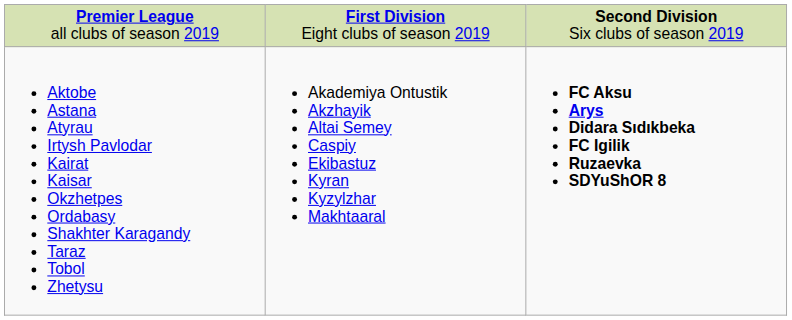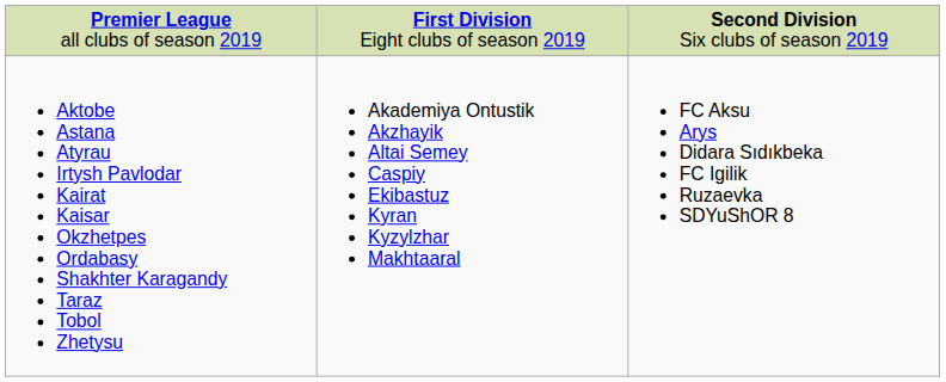 <table class="wikitable">
 <tr valign="top" bgcolor="#D6E2B3">
 <td align="center" width="25%"><strong><a href='#'>Premier League</a></strong><br>all clubs of season <a href='#'>2019</a></td>
 <td align="center" width="25%"><strong><a href='#'>First Division</a></strong><br>Eight clubs of season <a href='#'>2019</a></td>
 <td align="center" width="25%"><strong>Second Division</strong><br>Six clubs of season <a href='#'>2019</a></td>
 </tr>
 <tr valign="top">
 <td><br><ul><li><a href='#'>Aktobe</a></li><li><a href='#'>Astana</a></li><li><a href='#'>Atyrau</a></li><li><a href='#'>Irtysh Pavlodar</a></li><li><a href='#'>Kairat</a></li><li><a href='#'>Kaisar</a></li><li><a href='#'>Okzhetpes</a></li><li><a href='#'>Ordabasy</a></li><li><a href='#'>Shakhter Karagandy</a></li><li><a href='#'>Taraz</a></li><li><a href='#'>Tobol</a></li><li><a href='#'>Zhetysu</a></li></ul></td>
 <td><br><ul><li>Akademiya Ontustik</li><li><a href='#'>Akzhayik</a></li><li><a href='#'>Altai Semey</a></li><li><a href='#'>Caspiy</a></li><li><a href='#'>Ekibastuz</a></li><li><a href='#'>Kyran</a></li><li><a href='#'>Kyzylzhar</a></li><li><a href='#'>Makhtaaral</a></li></ul></td>
-<td><strong><br><ul><li>FC Aksu</li><li><a href='#'>Arys</a></li><li>Didara Sıdıkbeka</li><li>FC Igilik</li><li>Ruzaevka</li><li>SDYuShOR 8</li></ul></strong></td>
+<td><br><ul><li>FC Aksu</li><li><a href='#'>Arys</a></li><li>Didara Sıdıkbeka</li><li>FC Igilik</li><li>Ruzaevka</li><li>SDYuShOR 8</li></ul></td>
 </tr>
 </table>
